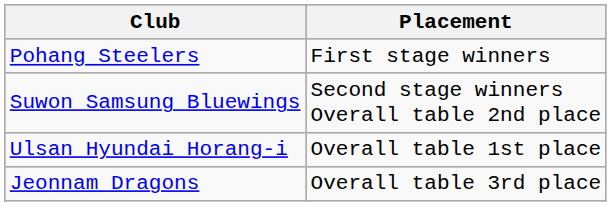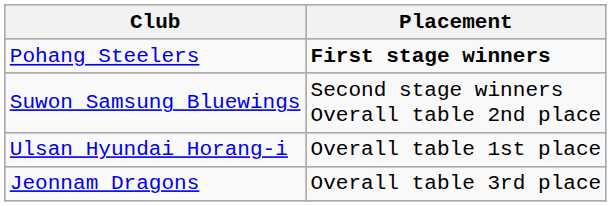 <table class="wikitable">
 <tr>
 <th>Club</th>
 <th>Placement</th>
 </tr>
 <tr>
 <td><a href='#'>Pohang Steelers</a></td>
-<td>First stage winners</td>
+<td><strong>First stage winners</strong></td>
 </tr>
 <tr>
 <td><a href='#'>Suwon Samsung Bluewings</a></td>
 <td>Second stage winners<br>Overall table 2nd place</td>
 </tr>
 <tr>
 <td><a href='#'>Ulsan Hyundai Horang-i</a></td>
 <td>Overall table 1st place</td>
 </tr>
 <tr>
 <td><a href='#'>Jeonnam Dragons</a></td>
 <td>Overall table 3rd place</td>
 </tr>
 </table>
